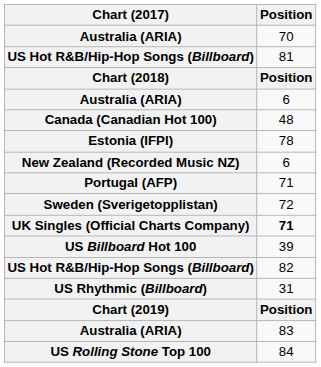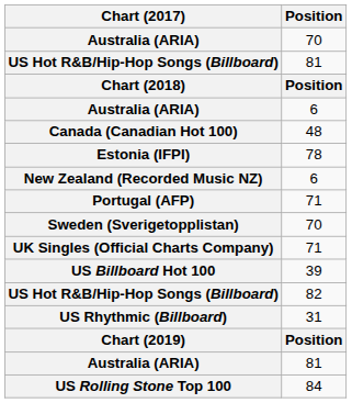 <table class="wikitable plainrowheaders" style="text-align:center">
 <tr>
 <th>Chart (2017)</th>
 <th>Position</th>
 </tr>
 <tr>
 <th scope="row">Australia (ARIA)</th>
 <td>70</td>
 </tr>
 <tr>
 <th scope="row">US Hot R&B/Hip-Hop Songs (<em>Billboard</em>)</th>
 <td>81</td>
 </tr>
 <tr>
 <th scope="col">Chart (2018)</th>
 <th scope="col">Position</th>
 </tr>
 <tr>
 <th scope="row">Australia (ARIA)</th>
 <td>6</td>
 </tr>
 <tr>
 <th scope="row">Canada (Canadian Hot 100)</th>
 <td>48</td>
 </tr>
 <tr>
 <th scope="row">Estonia (IFPI)</th>
 <td>78</td>
 </tr>
 <tr>
 <th scope="row">New Zealand (Recorded Music NZ)</th>
 <td>6</td>
 </tr>
 <tr>
 <th scope="row">Portugal (AFP)</th>
 <td>71</td>
 </tr>
 <tr>
 <th scope="row">Sweden (Sverigetopplistan)</th>
-<td>72</td>
+<td>70</td>
 </tr>
 <tr>
 <th scope="row">UK Singles (Official Charts Company)</th>
-<td><strong>71</strong></td>
+<td>71</td>
 </tr>
 <tr>
 <th scope="row">US <em>Billboard</em> Hot 100</th>
 <td>39</td>
 </tr>
 <tr>
 <th scope="row">US Hot R&B/Hip-Hop Songs (<em>Billboard</em>)</th>
 <td>82</td>
 </tr>
 <tr>
 <th scope="row">US Rhythmic (<em>Billboard</em>)</th>
 <td>31</td>
 </tr>
 <tr>
 <th scope="col">Chart (2019)</th>
 <th scope="col">Position</th>
 </tr>
 <tr>
 <th scope="row">Australia (ARIA)</th>
-<td>83</td>
+<td>81</td>
 </tr>
 <tr>
 <th scope="row">US <em>Rolling Stone</em> Top 100</th>
 <td>84</td>
 </tr>
 </table>
